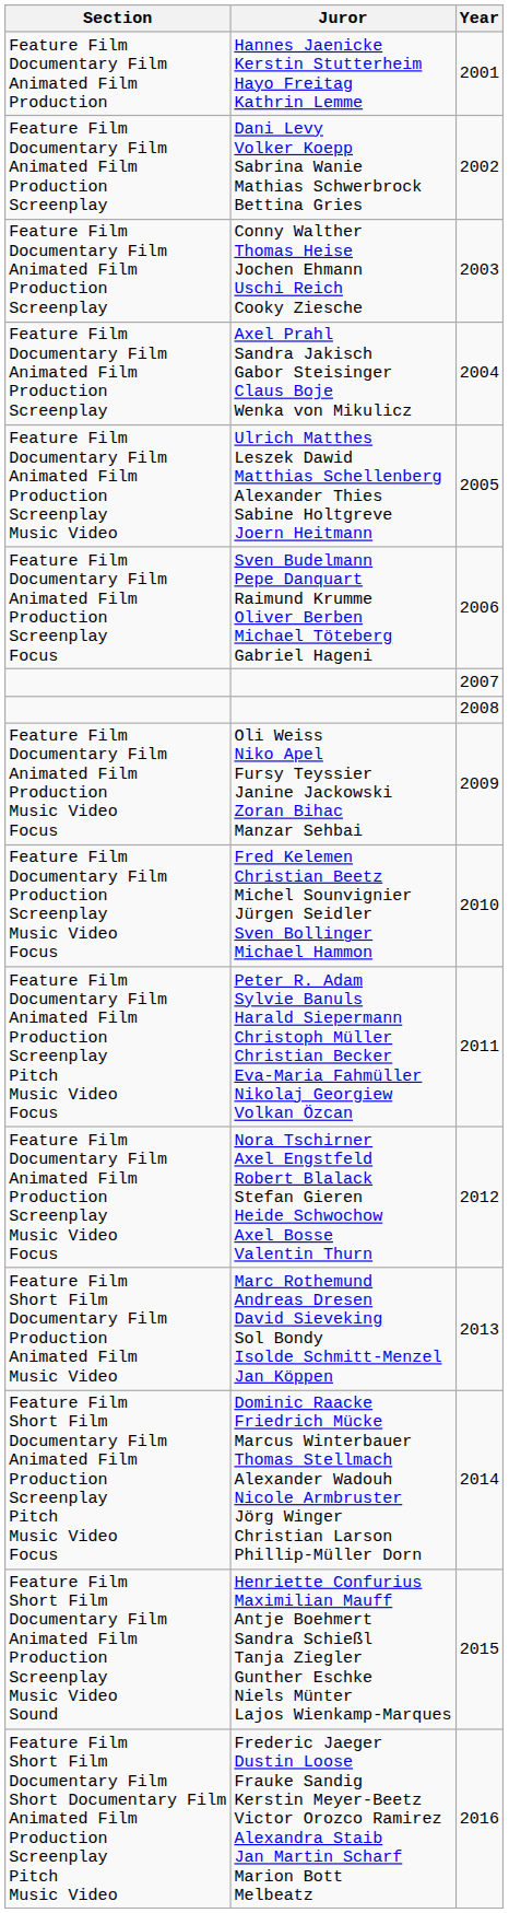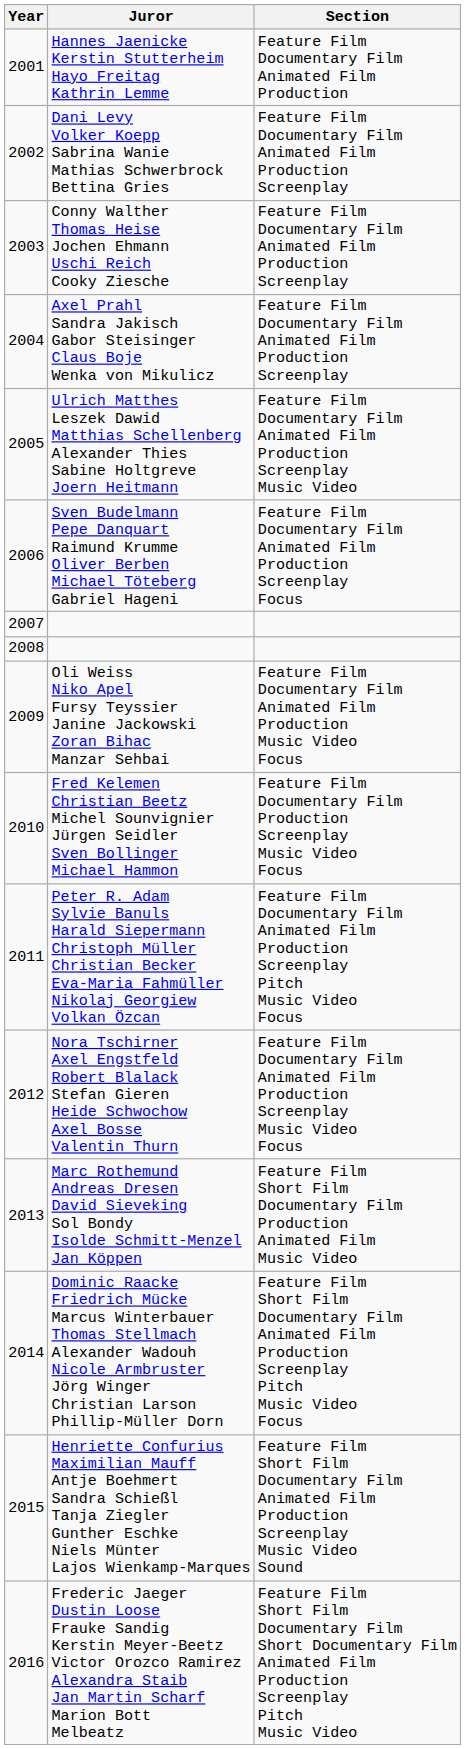 <table class="wikitable">
 <tr>
+<th>Year</th>
+<th>Juror</th>
 <th>Section</th>
-<th>Juror</th>
-<th>Year</th>
 </tr>
 <tr>
+<td>2001</td>
+<td><a href='#'>Hannes Jaenicke</a><br><a href='#'>Kerstin Stutterheim</a><br><a href='#'>Hayo Freitag</a><br><a href='#'>Kathrin Lemme</a></td>
 <td>Feature Film<br>Documentary Film<br>Animated Film<br>Production</td>
-<td><a href='#'>Hannes Jaenicke</a><br><a href='#'>Kerstin Stutterheim</a><br><a href='#'>Hayo Freitag</a><br><a href='#'>Kathrin Lemme</a></td>
-<td>2001</td>
 </tr>
 <tr>
+<td>2002</td>
+<td><a href='#'>Dani Levy</a><br><a href='#'>Volker Koepp</a><br>Sabrina Wanie<br>Mathias Schwerbrock<br>Bettina Gries</td>
 <td>Feature Film<br>Documentary Film<br>Animated Film<br>Production<br>Screenplay</td>
-<td><a href='#'>Dani Levy</a><br><a href='#'>Volker Koepp</a><br>Sabrina Wanie<br>Mathias Schwerbrock<br>Bettina Gries</td>
-<td>2002</td>
 </tr>
 <tr>
+<td>2003</td>
+<td>Conny Walther<br><a href='#'>Thomas Heise</a><br>Jochen Ehmann<br><a href='#'>Uschi Reich</a><br>Cooky Ziesche</td>
 <td>Feature Film<br>Documentary Film<br>Animated Film<br>Production<br>Screenplay</td>
-<td>Conny Walther<br><a href='#'>Thomas Heise</a><br>Jochen Ehmann<br><a href='#'>Uschi Reich</a><br>Cooky Ziesche</td>
-<td>2003</td>
 </tr>
 <tr>
+<td>2004</td>
+<td><a href='#'>Axel Prahl</a><br>Sandra Jakisch<br>Gabor Steisinger<br><a href='#'>Claus Boje</a><br>Wenka von Mikulicz</td>
 <td>Feature Film<br>Documentary Film<br>Animated Film<br>Production<br>Screenplay</td>
-<td><a href='#'>Axel Prahl</a><br>Sandra Jakisch<br>Gabor Steisinger<br><a href='#'>Claus Boje</a><br>Wenka von Mikulicz</td>
-<td>2004</td>
 </tr>
 <tr>
+<td>2005</td>
+<td><a href='#'>Ulrich Matthes</a><br>Leszek Dawid<br><a href='#'>Matthias Schellenberg</a><br>Alexander Thies<br>Sabine Holtgreve<br><a href='#'>Joern Heitmann</a></td>
 <td>Feature Film<br>Documentary Film<br>Animated Film<br>Production<br>Screenplay<br>Music Video</td>
-<td><a href='#'>Ulrich Matthes</a><br>Leszek Dawid<br><a href='#'>Matthias Schellenberg</a><br>Alexander Thies<br>Sabine Holtgreve<br><a href='#'>Joern Heitmann</a></td>
-<td>2005</td>
 </tr>
 <tr>
+<td>2006</td>
+<td><a href='#'>Sven Budelmann</a><br><a href='#'>Pepe Danquart</a><br>Raimund Krumme<br><a href='#'>Oliver Berben</a><br><a href='#'>Michael Töteberg</a><br>Gabriel Hageni</td>
 <td>Feature Film<br>Documentary Film<br>Animated Film<br>Production<br>Screenplay<br>Focus</td>
-<td><a href='#'>Sven Budelmann</a><br><a href='#'>Pepe Danquart</a><br>Raimund Krumme<br><a href='#'>Oliver Berben</a><br><a href='#'>Michael Töteberg</a><br>Gabriel Hageni</td>
-<td>2006</td>
 </tr>
 <tr>
+<td>2007</td>
 <td></td>
 <td></td>
-<td>2007</td>
 </tr>
 <tr>
+<td>2008</td>
 <td></td>
 <td></td>
-<td>2008</td>
 </tr>
 <tr>
+<td>2009</td>
+<td>Oli Weiss<br><a href='#'>Niko Apel</a><br>Fursy Teyssier<br>Janine Jackowski<br><a href='#'>Zoran Bihac</a><br>Manzar Sehbai</td>
 <td>Feature Film<br>Documentary Film<br>Animated Film<br>Production<br>Music Video<br>Focus</td>
-<td>Oli Weiss<br><a href='#'>Niko Apel</a><br>Fursy Teyssier<br>Janine Jackowski<br><a href='#'>Zoran Bihac</a><br>Manzar Sehbai</td>
-<td>2009</td>
 </tr>
 <tr>
+<td>2010</td>
+<td><a href='#'>Fred Kelemen</a><br><a href='#'>Christian Beetz</a><br>Michel Sounvignier<br>Jürgen Seidler<br><a href='#'>Sven Bollinger</a><br><a href='#'>Michael Hammon</a></td>
 <td>Feature Film<br>Documentary Film<br>Production<br>Screenplay<br>Music Video<br>Focus</td>
-<td><a href='#'>Fred Kelemen</a><br><a href='#'>Christian Beetz</a><br>Michel Sounvignier<br>Jürgen Seidler<br><a href='#'>Sven Bollinger</a><br><a href='#'>Michael Hammon</a></td>
-<td>2010</td>
 </tr>
 <tr>
+<td>2011</td>
+<td><a href='#'>Peter R. Adam</a><br><a href='#'>Sylvie Banuls</a><br><a href='#'>Harald Siepermann</a><br><a href='#'>Christoph Müller</a><br><a href='#'>Christian Becker</a><br><a href='#'>Eva-Maria Fahmüller</a><br><a href='#'>Nikolaj Georgiew</a><br><a href='#'>Volkan Özcan</a></td>
 <td>Feature Film<br>Documentary Film<br>Animated Film<br>Production<br>Screenplay<br>Pitch<br>Music Video<br>Focus</td>
-<td><a href='#'>Peter R. Adam</a><br><a href='#'>Sylvie Banuls</a><br><a href='#'>Harald Siepermann</a><br><a href='#'>Christoph Müller</a><br><a href='#'>Christian Becker</a><br><a href='#'>Eva-Maria Fahmüller</a><br><a href='#'>Nikolaj Georgiew</a><br><a href='#'>Volkan Özcan</a></td>
-<td>2011</td>
 </tr>
 <tr>
+<td>2012</td>
+<td><a href='#'>Nora Tschirner</a><br><a href='#'>Axel Engstfeld</a><br><a href='#'>Robert Blalack</a><br>Stefan Gieren<br><a href='#'>Heide Schwochow</a><br><a href='#'>Axel Bosse</a><br><a href='#'>Valentin Thurn</a></td>
 <td>Feature Film<br>Documentary Film<br>Animated Film<br>Production<br>Screenplay<br>Music Video<br>Focus</td>
-<td><a href='#'>Nora Tschirner</a><br><a href='#'>Axel Engstfeld</a><br><a href='#'>Robert Blalack</a><br>Stefan Gieren<br><a href='#'>Heide Schwochow</a><br><a href='#'>Axel Bosse</a><br><a href='#'>Valentin Thurn</a></td>
-<td>2012</td>
 </tr>
 <tr>
+<td>2013</td>
+<td><a href='#'>Marc Rothemund</a><br><a href='#'>Andreas Dresen</a><br><a href='#'>David Sieveking</a><br>Sol Bondy<br><a href='#'>Isolde Schmitt-Menzel</a><br><a href='#'>Jan Köppen</a></td>
 <td>Feature Film<br>Short Film<br>Documentary Film<br>Production<br>Animated Film<br>Music Video</td>
-<td><a href='#'>Marc Rothemund</a><br><a href='#'>Andreas Dresen</a><br><a href='#'>David Sieveking</a><br>Sol Bondy<br><a href='#'>Isolde Schmitt-Menzel</a><br><a href='#'>Jan Köppen</a></td>
-<td>2013</td>
 </tr>
 <tr>
+<td>2014</td>
+<td><a href='#'>Dominic Raacke</a><br><a href='#'>Friedrich Mücke</a><br>Marcus Winterbauer<br><a href='#'>Thomas Stellmach</a><br>Alexander Wadouh<br><a href='#'>Nicole Armbruster</a><br>Jörg Winger<br>Christian Larson<br>Phillip-Müller Dorn</td>
 <td>Feature Film<br>Short Film<br>Documentary Film<br>Animated Film<br>Production<br>Screenplay<br>Pitch<br>Music Video<br>Focus</td>
-<td><a href='#'>Dominic Raacke</a><br><a href='#'>Friedrich Mücke</a><br>Marcus Winterbauer<br><a href='#'>Thomas Stellmach</a><br>Alexander Wadouh<br><a href='#'>Nicole Armbruster</a><br>Jörg Winger<br>Christian Larson<br>Phillip-Müller Dorn</td>
-<td>2014</td>
 </tr>
 <tr>
+<td>2015</td>
+<td><a href='#'>Henriette Confurius</a><br><a href='#'>Maximilian Mauff</a><br>Antje Boehmert<br>Sandra Schießl<br>Tanja Ziegler<br>Gunther Eschke<br>Niels Münter<br>Lajos Wienkamp-Marques</td>
 <td>Feature Film<br>Short Film<br>Documentary Film<br>Animated Film<br>Production<br>Screenplay<br>Music Video<br>Sound</td>
-<td><a href='#'>Henriette Confurius</a><br><a href='#'>Maximilian Mauff</a><br>Antje Boehmert<br>Sandra Schießl<br>Tanja Ziegler<br>Gunther Eschke<br>Niels Münter<br>Lajos Wienkamp-Marques</td>
-<td>2015</td>
 </tr>
 <tr>
+<td>2016</td>
+<td>Frederic Jaeger<br><a href='#'>Dustin Loose</a><br>Frauke Sandig<br>Kerstin Meyer-Beetz<br>Victor Orozco Ramirez<br><a href='#'>Alexandra Staib</a><br><a href='#'>Jan Martin Scharf</a><br>Marion Bott<br>Melbeatz</td>
 <td>Feature Film<br>Short Film<br>Documentary Film<br>Short Documentary Film<br>Animated Film<br>Production<br>Screenplay<br>Pitch<br>Music Video</td>
-<td>Frederic Jaeger<br><a href='#'>Dustin Loose</a><br>Frauke Sandig<br>Kerstin Meyer-Beetz<br>Victor Orozco Ramirez<br><a href='#'>Alexandra Staib</a><br><a href='#'>Jan Martin Scharf</a><br>Marion Bott<br>Melbeatz</td>
-<td>2016</td>
 </tr>
 </table>
